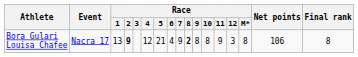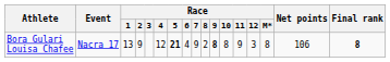 <table class=wikitable style=font-size:90%;text-align:center>
 <tr>
 <th rowspan=2>Athlete</th>
 <th rowspan=2>Event</th>
 <th colspan=13>Race</th>
 <th rowspan=2>Net points</th>
 <th rowspan=2>Final rank</th>
 </tr>
 <tr style=font-size:95%>
 <th>1</th>
 <th>2</th>
 <th>3</th>
 <th>4</th>
 <th>5</th>
 <th>6</th>
 <th>7</th>
 <th>8</th>
 <th>9</th>
 <th>10</th>
 <th>11</th>
 <th>12</th>
 <th>M*</th>
 </tr>
 <tr>
 <td align=left><a href='#'>Bora Gulari</a><br><a href='#'>Louisa Chafee</a></td>
 <td align=left><a href='#'>Nacra 17</a></td>
 <td>13</td>
-<td><strong>9</strong></td>
+<td>9</td>
 <td><s></s></td>
 <td>12</td>
-<td>21</td>
+<td><strong>21</strong></td>
 <td>4</td>
 <td>9</td>
-<td><strong>2</strong></td>
-<td>8</td>
+<td>2</td>
+<td><strong>8</strong></td>
 <td>8</td>
 <td>9</td>
 <td>3</td>
 <td>8</td>
 <td>106</td>
-<td>8</td>
+<td><strong>8</strong></td>
 </tr>
 </table>
